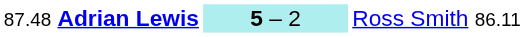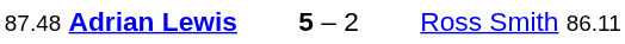 <table style="text-align:center">
 <tr>
 <th width=223></th>
 <th width=100></th>
 <th width=223></th>
 </tr>
 <tr>
 <td align=right></td>
 <td></td>
 <td align=left></td>
 </tr>
 <tr>
 <td align=right><small>87.48</small>  <strong><a href='#'>Adrian Lewis</a></strong> </td>
-<td style="background: paleturquoise;"><strong>5</strong> – 2</td>
+<td><strong>5</strong> – 2</td>
 <td align=left> <a href='#'>Ross Smith</a> <small>86.11</small></td>
 </tr>
 </table>
